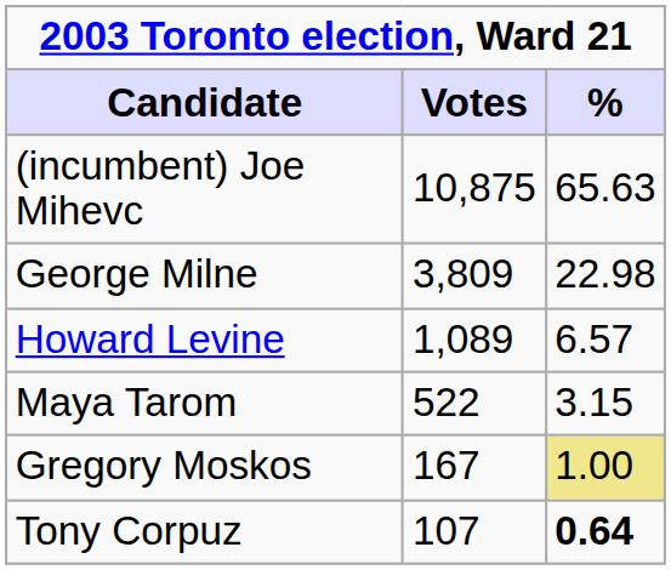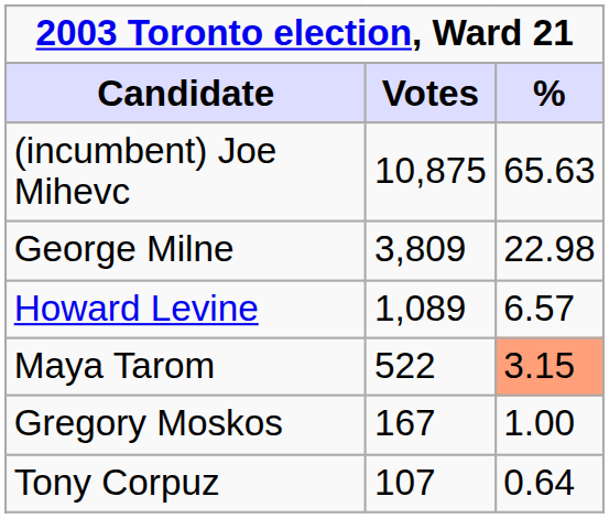 <table class="wikitable">
 <tr>
 <td colspan="3" style="text-align:center;"><strong><a href='#'>2003 Toronto election</a>, Ward 21</strong></td>
 </tr>
 <tr>
 <th style="background:#ddf; width:150px;">Candidate</th>
 <th style="background:#ddf;">Votes</th>
 <th style="background:#ddf;">%</th>
 </tr>
 <tr>
 <td>(incumbent) Joe Mihevc</td>
 <td>10,875</td>
 <td>65.63</td>
 </tr>
 <tr>
 <td>George Milne</td>
 <td>3,809</td>
 <td>22.98</td>
 </tr>
 <tr>
 <td><a href='#'>Howard Levine</a></td>
 <td>1,089</td>
 <td>6.57</td>
 </tr>
 <tr>
 <td>Maya Tarom</td>
 <td>522</td>
-<td>3.15</td>
+<td style="background: lightsalmon;">3.15</td>
 </tr>
 <tr>
 <td>Gregory Moskos</td>
 <td>167</td>
-<td style="background: khaki;">1.00</td>
+<td>1.00</td>
 </tr>
 <tr>
 <td>Tony Corpuz</td>
 <td>107</td>
-<td><strong>0.64</strong></td>
+<td>0.64</td>
 </tr>
 </table>
